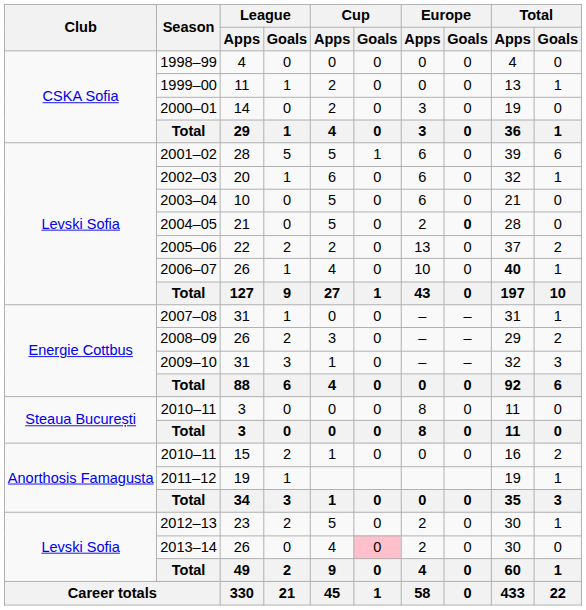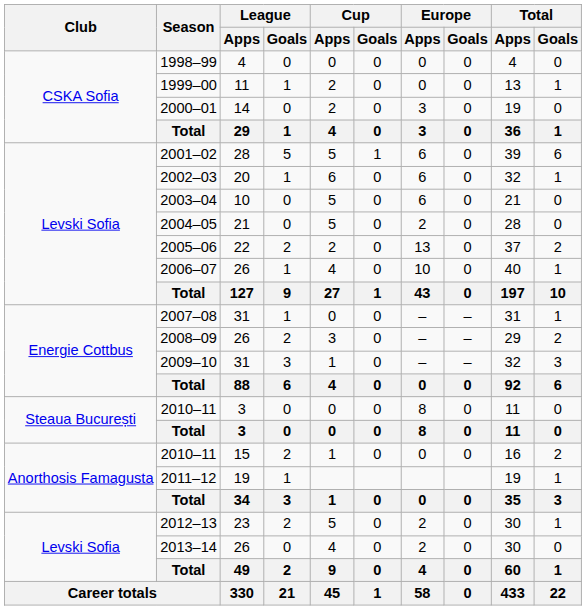 <table class="wikitable" style="text-align: center;">
 <tr>
 <th rowspan="2">Club</th>
 <th rowspan="2">Season</th>
 <th colspan="2">League</th>
 <th colspan="2">Cup</th>
 <th colspan="2">Europe</th>
 <th colspan="2">Total</th>
 </tr>
 <tr>
 <th>Apps</th>
 <th>Goals</th>
 <th>Apps</th>
 <th>Goals</th>
 <th>Apps</th>
 <th>Goals</th>
 <th>Apps</th>
 <th>Goals</th>
 </tr>
 <tr>
 <td rowspan="4"><a href='#'>CSKA Sofia</a></td>
 <td>1998–99</td>
 <td>4</td>
 <td>0</td>
 <td>0</td>
 <td>0</td>
 <td>0</td>
 <td>0</td>
 <td>4</td>
 <td>0</td>
 </tr>
 <tr>
 <td>1999–00</td>
 <td>11</td>
 <td>1</td>
 <td>2</td>
 <td>0</td>
 <td>0</td>
 <td>0</td>
 <td>13</td>
 <td>1</td>
 </tr>
 <tr>
 <td>2000–01</td>
 <td>14</td>
 <td>0</td>
 <td>2</td>
 <td>0</td>
 <td>3</td>
 <td>0</td>
 <td>19</td>
 <td>0</td>
 </tr>
 <tr>
 <th>Total</th>
 <th>29</th>
 <th>1</th>
 <th>4</th>
 <th>0</th>
 <th>3</th>
 <th>0</th>
 <th>36</th>
 <th>1</th>
 </tr>
 <tr>
 <td rowspan="7"><a href='#'>Levski Sofia</a></td>
 <td>2001–02</td>
 <td>28</td>
 <td>5</td>
 <td>5</td>
 <td>1</td>
 <td>6</td>
 <td>0</td>
 <td>39</td>
 <td>6</td>
 </tr>
 <tr>
 <td>2002–03</td>
 <td>20</td>
 <td>1</td>
 <td>6</td>
 <td>0</td>
 <td>6</td>
 <td>0</td>
 <td>32</td>
 <td>1</td>
 </tr>
 <tr>
 <td>2003–04</td>
 <td>10</td>
 <td>0</td>
 <td>5</td>
 <td>0</td>
 <td>6</td>
 <td>0</td>
 <td>21</td>
 <td>0</td>
 </tr>
 <tr>
 <td>2004–05</td>
 <td>21</td>
 <td>0</td>
 <td>5</td>
 <td>0</td>
 <td>2</td>
-<td><strong>0</strong></td>
+<td>0</td>
 <td>28</td>
 <td>0</td>
 </tr>
 <tr>
 <td>2005–06</td>
 <td>22</td>
 <td>2</td>
 <td>2</td>
 <td>0</td>
 <td>13</td>
 <td>0</td>
 <td>37</td>
 <td>2</td>
 </tr>
 <tr>
 <td>2006–07</td>
 <td>26</td>
 <td>1</td>
 <td>4</td>
 <td>0</td>
 <td>10</td>
 <td>0</td>
-<td><strong>40</strong></td>
+<td>40</td>
 <td>1</td>
 </tr>
 <tr>
 <th>Total</th>
 <th>127</th>
 <th>9</th>
 <th>27</th>
 <th>1</th>
 <th>43</th>
 <th>0</th>
 <th>197</th>
 <th>10</th>
 </tr>
 <tr>
 <td rowspan="4"><a href='#'>Energie Cottbus</a></td>
 <td>2007–08</td>
 <td>31</td>
 <td>1</td>
 <td>0</td>
 <td>0</td>
 <td>–</td>
 <td>–</td>
 <td>31</td>
 <td>1</td>
 </tr>
 <tr>
 <td>2008–09</td>
 <td>26</td>
 <td>2</td>
 <td>3</td>
 <td>0</td>
 <td>–</td>
 <td>–</td>
 <td>29</td>
 <td>2</td>
 </tr>
 <tr>
 <td>2009–10</td>
 <td>31</td>
 <td>3</td>
 <td>1</td>
 <td>0</td>
 <td>–</td>
 <td>–</td>
 <td>32</td>
 <td>3</td>
 </tr>
 <tr>
 <th>Total</th>
 <th>88</th>
 <th>6</th>
 <th>4</th>
 <th>0</th>
 <th>0</th>
 <th>0</th>
 <th>92</th>
 <th>6</th>
 </tr>
 <tr>
 <td rowspan="2"><a href='#'>Steaua București</a></td>
 <td>2010–11</td>
 <td>3</td>
 <td>0</td>
 <td>0</td>
 <td>0</td>
 <td>8</td>
 <td>0</td>
 <td>11</td>
 <td>0</td>
 </tr>
 <tr>
 <th>Total</th>
 <th>3</th>
 <th>0</th>
 <th>0</th>
 <th>0</th>
 <th>8</th>
 <th>0</th>
 <th>11</th>
 <th>0</th>
 </tr>
 <tr>
 <td rowspan="3"><a href='#'>Anorthosis Famagusta</a></td>
 <td>2010–11</td>
 <td>15</td>
 <td>2</td>
 <td>1</td>
 <td>0</td>
 <td>0</td>
 <td>0</td>
 <td>16</td>
 <td>2</td>
 </tr>
 <tr>
 <td>2011–12</td>
 <td>19</td>
 <td>1</td>
 <td></td>
 <td></td>
 <td></td>
 <td></td>
 <td>19</td>
 <td>1</td>
 </tr>
 <tr>
 <th>Total</th>
 <th>34</th>
 <th>3</th>
 <th>1</th>
 <th>0</th>
 <th>0</th>
 <th>0</th>
 <th>35</th>
 <th>3</th>
 </tr>
 <tr>
 <td rowspan="3"><a href='#'>Levski Sofia</a></td>
 <td>2012–13</td>
 <td>23</td>
 <td>2</td>
 <td>5</td>
 <td>0</td>
 <td>2</td>
 <td>0</td>
 <td>30</td>
 <td>1</td>
 </tr>
 <tr>
 <td>2013–14</td>
 <td>26</td>
 <td>0</td>
 <td>4</td>
-<td style="background: pink;">0</td>
+<td>0</td>
 <td>2</td>
 <td>0</td>
 <td>30</td>
 <td>0</td>
 </tr>
 <tr>
 <th>Total</th>
 <th>49</th>
 <th>2</th>
 <th>9</th>
 <th>0</th>
 <th>4</th>
 <th>0</th>
 <th>60</th>
 <th>1</th>
 </tr>
 <tr>
 <th colspan="2">Career totals</th>
 <th>330</th>
 <th>21</th>
 <th>45</th>
 <th>1</th>
 <th>58</th>
 <th>0</th>
 <th>433</th>
 <th>22</th>
 </tr>
 </table>
